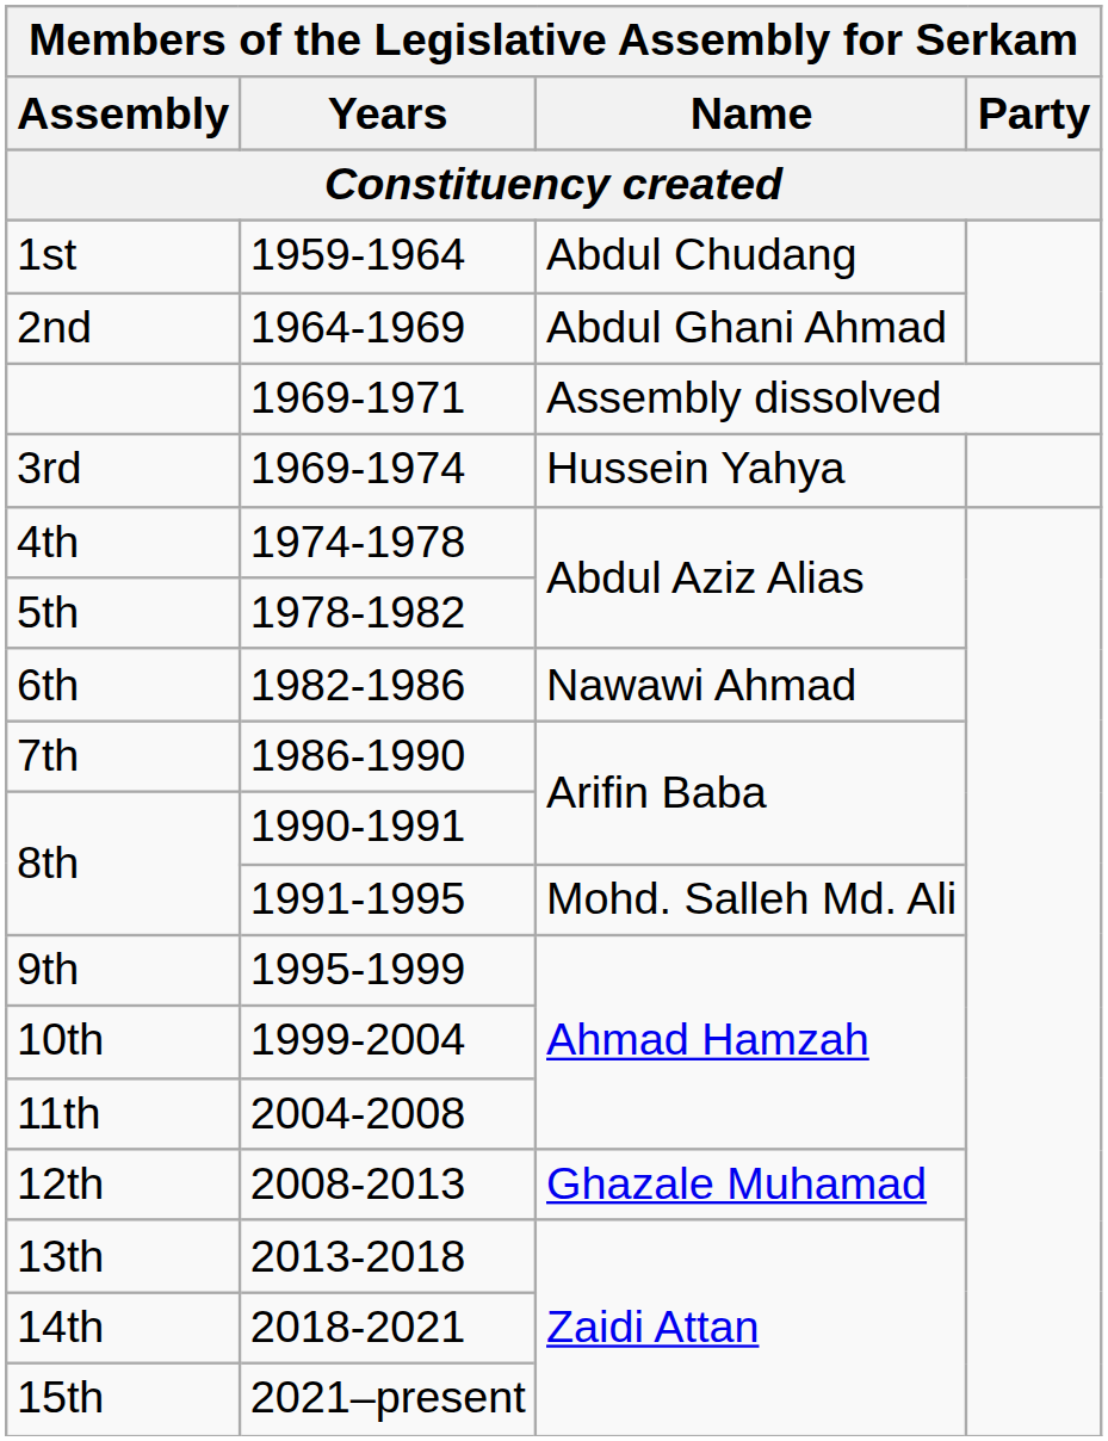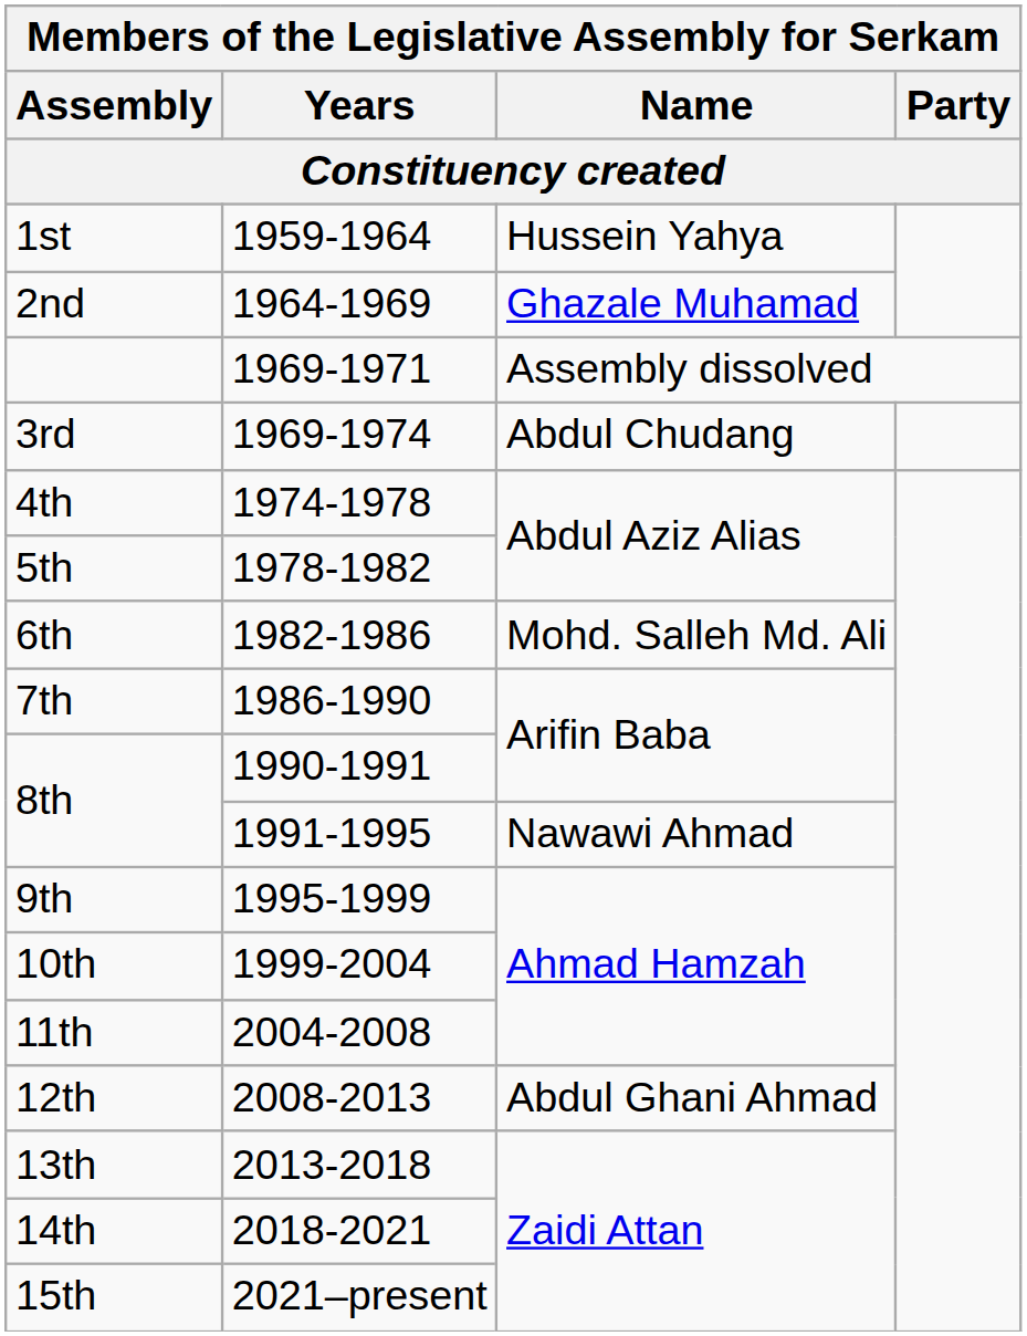 <table class="wikitable">
 <tr>
 <th colspan="4">Members of the Legislative Assembly for Serkam</th>
 </tr>
 <tr>
 <th>Assembly</th>
 <th>Years</th>
 <th>Name</th>
 <th>Party</th>
 </tr>
 <tr>
 <th colspan="4"><em>Constituency created</em></th>
 </tr>
 <tr>
 <td>1st</td>
 <td>1959-1964</td>
-<td>Abdul Chudang</td>
+<td>Hussein Yahya</td>
 <td rowspan="2"></td>
 </tr>
 <tr>
 <td>2nd</td>
 <td>1964-1969</td>
-<td>Abdul Ghani Ahmad</td>
+<td><a href='#'>Ghazale Muhamad</a></td>
 </tr>
 <tr>
 <td></td>
 <td>1969-1971</td>
 <td colspan="2">Assembly dissolved</td>
 </tr>
 <tr>
 <td>3rd</td>
 <td>1969-1974</td>
-<td>Hussein Yahya</td>
+<td>Abdul Chudang</td>
 <td></td>
 </tr>
 <tr>
 <td>4th</td>
 <td>1974-1978</td>
 <td rowspan="2">Abdul Aziz Alias</td>
 <td rowspan="14"></td>
 </tr>
 <tr>
 <td>5th</td>
 <td>1978-1982</td>
 </tr>
 <tr>
 <td>6th</td>
 <td>1982-1986</td>
-<td>Nawawi Ahmad</td>
+<td>Mohd. Salleh Md. Ali</td>
 </tr>
 <tr>
 <td>7th</td>
 <td>1986-1990</td>
 <td rowspan="2">Arifin Baba</td>
 </tr>
 <tr>
 <td rowspan="2">8th</td>
 <td>1990-1991</td>
 </tr>
 <tr>
 <td>1991-1995</td>
-<td>Mohd. Salleh Md. Ali</td>
+<td>Nawawi Ahmad</td>
 </tr>
 <tr>
 <td>9th</td>
 <td>1995-1999</td>
 <td rowspan="3"><a href='#'>Ahmad Hamzah</a></td>
 </tr>
 <tr>
 <td>10th</td>
 <td>1999-2004</td>
 </tr>
 <tr>
 <td>11th</td>
 <td>2004-2008</td>
 </tr>
 <tr>
 <td>12th</td>
 <td>2008-2013</td>
-<td><a href='#'>Ghazale Muhamad</a></td>
+<td>Abdul Ghani Ahmad</td>
 </tr>
 <tr>
 <td>13th</td>
 <td>2013-2018</td>
 <td rowspan="3"><a href='#'>Zaidi Attan</a></td>
 </tr>
 <tr>
 <td>14th</td>
 <td>2018-2021</td>
 </tr>
 <tr>
 <td>15th</td>
 <td>2021–present</td>
 </tr>
 </table>
